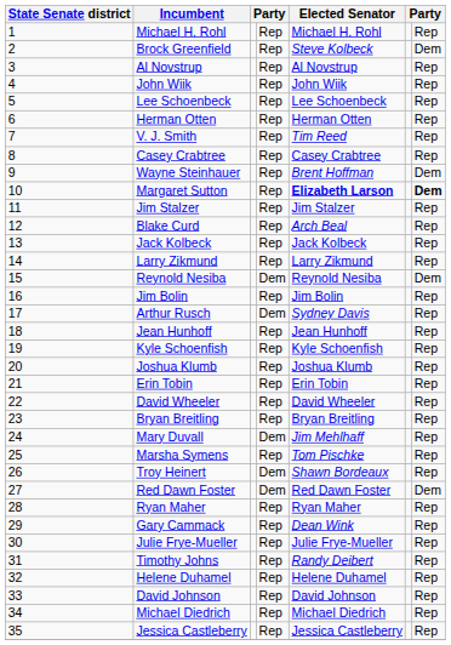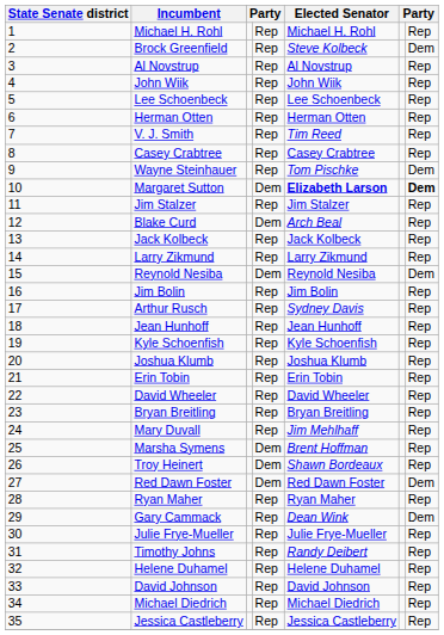 <table class="sortable wikitable" style="font-size:95%;line-height:14px;">
 <tr>
 <th colspan="1"><a href='#'>State Senate</a> district</th>
 <th class="unsortable"><a href='#'>Incumbent</a></th>
 <th colspan="2">Party</th>
 <th class="unsortable">Elected Senator</th>
 <th colspan="2">Party</th>
 </tr>
 <tr>
 <td>1</td>
 <td><a href='#'>Michael H. Rohl</a></td>
 <td style="background:"></td>
 <td>Rep</td>
 <td><a href='#'>Michael H. Rohl</a></td>
 <td style="background:"></td>
 <td>Rep</td>
 </tr>
 <tr>
 <td>2</td>
 <td><a href='#'>Brock Greenfield</a></td>
 <td style="background:"></td>
 <td>Rep</td>
 <td><em><a href='#'>Steve Kolbeck</a></em></td>
 <td style="background:"></td>
 <td>Dem</td>
 </tr>
 <tr>
 <td>3</td>
 <td><a href='#'>Al Novstrup</a></td>
 <td style="background:"></td>
 <td>Rep</td>
 <td><a href='#'>Al Novstrup</a></td>
 <td style="background:"></td>
 <td>Rep</td>
 </tr>
 <tr>
 <td>4</td>
 <td><a href='#'>John Wiik</a></td>
 <td style="background:"></td>
 <td>Rep</td>
 <td><a href='#'>John Wiik</a></td>
 <td style="background:"></td>
 <td>Rep</td>
 </tr>
 <tr>
 <td>5</td>
 <td><a href='#'>Lee Schoenbeck</a></td>
 <td style="background:"></td>
 <td>Rep</td>
 <td><a href='#'>Lee Schoenbeck</a></td>
 <td style="background:"></td>
 <td>Rep</td>
 </tr>
 <tr>
 <td>6</td>
 <td><a href='#'>Herman Otten</a></td>
 <td style="background:"></td>
 <td>Rep</td>
 <td><a href='#'>Herman Otten</a></td>
 <td style="background:"></td>
 <td>Rep</td>
 </tr>
 <tr>
 <td>7</td>
 <td><a href='#'>V. J. Smith</a></td>
 <td style="background:"></td>
 <td>Rep</td>
 <td><em><a href='#'>Tim Reed</a></em></td>
 <td style="background:"></td>
 <td>Rep</td>
 </tr>
 <tr>
 <td>8</td>
 <td><a href='#'>Casey Crabtree</a></td>
 <td style="background:"></td>
 <td>Rep</td>
 <td><a href='#'>Casey Crabtree</a></td>
 <td style="background:"></td>
 <td>Rep</td>
 </tr>
 <tr>
 <td>9</td>
 <td><a href='#'>Wayne Steinhauer</a></td>
 <td style="background:"></td>
 <td>Rep</td>
-<td><em><a href='#'>Brent Hoffman</a></em></td>
+<td><em><a href='#'>Tom Pischke</a></em></td>
 <td style="background:"></td>
 <td>Dem</td>
 </tr>
 <tr>
 <td>10</td>
 <td><a href='#'>Margaret Sutton</a></td>
 <td style="background:"></td>
-<td>Rep</td>
+<td>Dem</td>
 <td><strong><a href='#'>Elizabeth Larson</a></strong></td>
 <td style="background:"></td>
 <td><strong>Dem</strong></td>
 </tr>
 <tr>
 <td>11</td>
 <td><a href='#'>Jim Stalzer</a></td>
 <td style="background:"></td>
 <td>Rep</td>
 <td><a href='#'>Jim Stalzer</a></td>
 <td style="background:"></td>
 <td>Rep</td>
 </tr>
 <tr>
 <td>12</td>
 <td><a href='#'>Blake Curd</a></td>
 <td style="background:"></td>
-<td>Rep</td>
+<td>Dem</td>
 <td><em><a href='#'>Arch Beal</a></em></td>
 <td style="background:"></td>
 <td>Rep</td>
 </tr>
 <tr>
 <td>13</td>
 <td><a href='#'>Jack Kolbeck</a></td>
 <td style="background:"></td>
 <td>Rep</td>
 <td><a href='#'>Jack Kolbeck</a></td>
 <td style="background:"></td>
 <td>Rep</td>
 </tr>
 <tr>
 <td>14</td>
 <td><a href='#'>Larry Zikmund</a></td>
 <td style="background:"></td>
 <td>Rep</td>
 <td><a href='#'>Larry Zikmund</a></td>
 <td style="background:"></td>
 <td>Rep</td>
 </tr>
 <tr>
 <td>15</td>
 <td><a href='#'>Reynold Nesiba</a></td>
 <td style="background:"></td>
 <td>Dem</td>
 <td><a href='#'>Reynold Nesiba</a></td>
 <td style="background:"></td>
 <td>Dem</td>
 </tr>
 <tr>
 <td>16</td>
 <td><a href='#'>Jim Bolin</a></td>
 <td style="background:"></td>
 <td>Rep</td>
 <td><a href='#'>Jim Bolin</a></td>
 <td style="background:"></td>
 <td>Rep</td>
 </tr>
 <tr>
 <td>17</td>
 <td><a href='#'>Arthur Rusch</a></td>
 <td style="background:"></td>
-<td>Dem</td>
+<td>Rep</td>
 <td><em><a href='#'>Sydney Davis</a></em></td>
 <td style="background:"></td>
 <td>Rep</td>
 </tr>
 <tr>
 <td>18</td>
 <td><a href='#'>Jean Hunhoff</a></td>
 <td style="background:"></td>
 <td>Rep</td>
 <td><a href='#'>Jean Hunhoff</a></td>
 <td style="background:"></td>
 <td>Rep</td>
 </tr>
 <tr>
 <td>19</td>
 <td><a href='#'>Kyle Schoenfish</a></td>
 <td style="background:"></td>
 <td>Rep</td>
 <td><a href='#'>Kyle Schoenfish</a></td>
 <td style="background:"></td>
 <td>Rep</td>
 </tr>
 <tr>
 <td>20</td>
 <td><a href='#'>Joshua Klumb</a></td>
 <td style="background:"></td>
 <td>Rep</td>
 <td><a href='#'>Joshua Klumb</a></td>
 <td style="background:"></td>
 <td>Rep</td>
 </tr>
 <tr>
 <td>21</td>
 <td><a href='#'>Erin Tobin</a></td>
 <td style="background:"></td>
 <td>Rep</td>
 <td><a href='#'>Erin Tobin</a></td>
 <td style="background:"></td>
 <td>Rep</td>
 </tr>
 <tr>
 <td>22</td>
 <td><a href='#'>David Wheeler</a></td>
 <td style="background:"></td>
 <td>Rep</td>
 <td><a href='#'>David Wheeler</a></td>
 <td style="background:"></td>
 <td>Rep</td>
 </tr>
 <tr>
 <td>23</td>
 <td><a href='#'>Bryan Breitling</a></td>
 <td style="background:"></td>
 <td>Rep</td>
 <td><a href='#'>Bryan Breitling</a></td>
 <td style="background:"></td>
 <td>Rep</td>
 </tr>
 <tr>
 <td>24</td>
 <td><a href='#'>Mary Duvall</a></td>
 <td style="background:"></td>
-<td>Dem</td>
+<td>Rep</td>
 <td><em><a href='#'>Jim Mehlhaff</a></em></td>
 <td style="background:"></td>
 <td>Rep</td>
 </tr>
 <tr>
 <td>25</td>
 <td><a href='#'>Marsha Symens</a></td>
 <td style="background:"></td>
-<td>Rep</td>
-<td><em><a href='#'>Tom Pischke</a></em></td>
+<td>Dem</td>
+<td><em><a href='#'>Brent Hoffman</a></em></td>
 <td style="background:"></td>
 <td>Rep</td>
 </tr>
 <tr>
 <td>26</td>
 <td><a href='#'>Troy Heinert</a></td>
 <td style="background:"></td>
 <td>Dem</td>
 <td><em><a href='#'>Shawn Bordeaux</a></em></td>
 <td style="background:"></td>
 <td>Rep</td>
 </tr>
 <tr>
 <td>27</td>
 <td><a href='#'>Red Dawn Foster</a></td>
 <td style="background:"></td>
 <td>Dem</td>
 <td><a href='#'>Red Dawn Foster</a></td>
 <td style="background:"></td>
 <td>Dem</td>
 </tr>
 <tr>
 <td>28</td>
 <td><a href='#'>Ryan Maher</a></td>
 <td style="background:"></td>
 <td>Rep</td>
 <td><a href='#'>Ryan Maher</a></td>
 <td style="background:"></td>
 <td>Rep</td>
 </tr>
 <tr>
 <td>29</td>
 <td><a href='#'>Gary Cammack</a></td>
 <td style="background:"></td>
 <td>Rep</td>
 <td><em><a href='#'>Dean Wink</a></em></td>
 <td style="background:"></td>
-<td>Rep</td>
+<td>Dem</td>
 </tr>
 <tr>
 <td>30</td>
 <td><a href='#'>Julie Frye-Mueller</a></td>
 <td style="background:"></td>
 <td>Rep</td>
 <td><a href='#'>Julie Frye-Mueller</a></td>
 <td style="background:"></td>
 <td>Rep</td>
 </tr>
 <tr>
 <td>31</td>
 <td><a href='#'>Timothy Johns</a></td>
 <td style="background:"></td>
 <td>Rep</td>
 <td><em><a href='#'>Randy Deibert</a></em></td>
 <td style="background:"></td>
 <td>Rep</td>
 </tr>
 <tr>
 <td>32</td>
 <td><a href='#'>Helene Duhamel</a></td>
 <td style="background:"></td>
 <td>Rep</td>
 <td><a href='#'>Helene Duhamel</a></td>
 <td style="background:"></td>
 <td>Rep</td>
 </tr>
 <tr>
 <td>33</td>
 <td><a href='#'>David Johnson</a></td>
 <td style="background:"></td>
 <td>Rep</td>
 <td><a href='#'>David Johnson</a></td>
 <td style="background:"></td>
 <td>Rep</td>
 </tr>
 <tr>
 <td>34</td>
 <td><a href='#'>Michael Diedrich</a></td>
 <td style="background:"></td>
 <td>Rep</td>
 <td><a href='#'>Michael Diedrich</a></td>
 <td style="background:"></td>
 <td>Rep</td>
 </tr>
 <tr>
 <td>35</td>
 <td><a href='#'>Jessica Castleberry</a></td>
 <td style="background:"></td>
 <td>Rep</td>
 <td><a href='#'>Jessica Castleberry</a></td>
 <td style="background:"></td>
 <td>Rep</td>
 </tr>
 <tr>
 </tr>
 </table>
